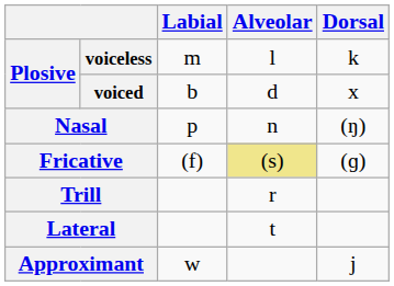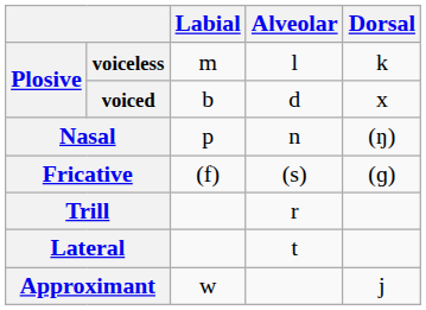 <table class="wikitable" style="text-align:center">
 <tr>
 <th colspan="2"></th>
 <th><a href='#'>Labial</a></th>
 <th><a href='#'>Alveolar</a></th>
 <th><a href='#'>Dorsal</a></th>
 </tr>
 <tr>
 <th rowspan="2"><a href='#'>Plosive</a></th>
 <th><small>voiceless</small></th>
 <td>m</td>
 <td>l</td>
 <td>k</td>
 </tr>
 <tr>
 <th><small>voiced</small></th>
 <td>b</td>
 <td>d</td>
 <td>x</td>
 </tr>
 <tr>
 <th colspan="2"><a href='#'>Nasal</a></th>
 <td>p</td>
 <td>n</td>
 <td>(ŋ)</td>
 </tr>
 <tr>
 <th colspan="2"><a href='#'>Fricative</a></th>
 <td>(f)</td>
-<td style="background: khaki;">(s)</td>
+<td>(s)</td>
 <td>(ɡ)</td>
 </tr>
 <tr>
 <th colspan="2"><a href='#'>Trill</a></th>
 <td></td>
 <td>r</td>
 <td></td>
 </tr>
 <tr>
 <th colspan="2"><a href='#'>Lateral</a></th>
 <td></td>
 <td>t</td>
 <td></td>
 </tr>
 <tr>
 <th colspan="2"><a href='#'>Approximant</a></th>
 <td>w</td>
 <td></td>
 <td>j</td>
 </tr>
 </table>
